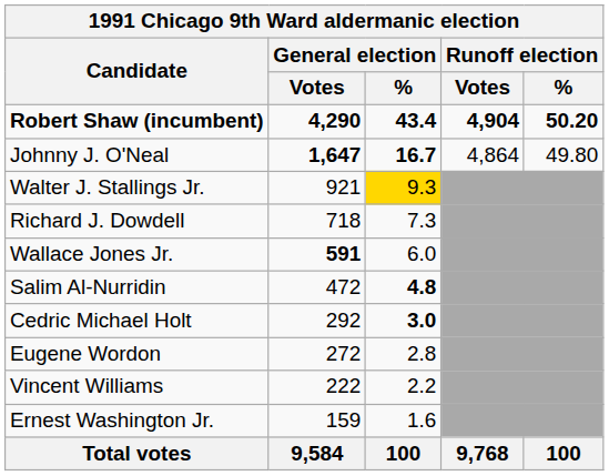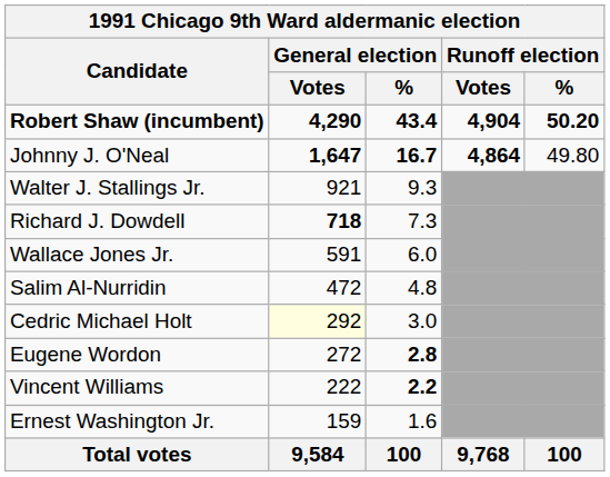 <table class=wikitable>
 <tr>
 <th colspan=5>1991 Chicago 9th Ward aldermanic election</th>
 </tr>
 <tr>
 <th colspan=1 rowspan=2>Candidate</th>
 <th colspan=2><strong>General election</strong></th>
 <th colspan=2><strong>Runoff election</strong></th>
 </tr>
 <tr>
 <th>Votes</th>
 <th>%</th>
 <th>Votes</th>
 <th>%</th>
 </tr>
 <tr>
 <td><strong>Robert Shaw (incumbent)</strong></td>
 <td align="right"><strong>4,290</strong></td>
 <td align="right"><strong>43.4</strong></td>
 <td align="right"><strong>4,904</strong></td>
 <td align="right"><strong>50.20 </strong></td>
 </tr>
 <tr>
 <td>Johnny J. O'Neal</td>
 <td align="right"><strong>1,647</strong></td>
 <td align="right"><strong>16.7</strong></td>
-<td align="right">4,864</td>
+<td align="right"><strong>4,864</strong></td>
 <td align="right">49.80</td>
 </tr>
 <tr>
 <td>Walter J. Stallings Jr.</td>
 <td align="right">921</td>
-<td align="right" style="background: gold;">9.3</td>
+<td align="right">9.3</td>
 <td colspan=2 bgcolor=darkgray></td>
 </tr>
 <tr>
 <td>Richard J. Dowdell</td>
-<td align="right">718</td>
+<td align="right"><strong>718</strong></td>
 <td align="right">7.3</td>
 <td colspan=2 bgcolor=darkgray></td>
 </tr>
 <tr>
 <td>Wallace Jones Jr.</td>
-<td align="right"><strong>591</strong></td>
+<td align="right">591</td>
 <td align="right">6.0</td>
 <td colspan=2 bgcolor=darkgray></td>
 </tr>
 <tr>
 <td>Salim Al-Nurridin</td>
 <td align="right">472</td>
-<td align="right"><strong>4.8</strong></td>
+<td align="right">4.8</td>
 <td colspan=2 bgcolor=darkgray></td>
 </tr>
 <tr>
 <td>Cedric Michael Holt</td>
-<td align="right">292</td>
-<td align="right"><strong>3.0</strong></td>
+<td align="right" style="background: lightyellow;">292</td>
+<td align="right">3.0</td>
 <td colspan=2 bgcolor=darkgray></td>
 </tr>
 <tr>
 <td>Eugene Wordon</td>
 <td align="right">272</td>
-<td align="right">2.8</td>
+<td align="right"><strong>2.8</strong></td>
 <td colspan=2 bgcolor=darkgray></td>
 </tr>
 <tr>
 <td>Vincent Williams</td>
 <td align="right">222</td>
-<td align="right">2.2</td>
+<td align="right"><strong>2.2</strong></td>
 <td colspan=2 bgcolor=darkgray></td>
 </tr>
 <tr>
 <td>Ernest Washington Jr.</td>
 <td align="right">159</td>
 <td align="right">1.6</td>
 <td colspan=2 bgcolor=darkgray></td>
 </tr>
 <tr>
 <th>Total votes</th>
 <th>9,584</th>
 <th>100</th>
 <th>9,768</th>
 <th>100</th>
 </tr>
 </table>
